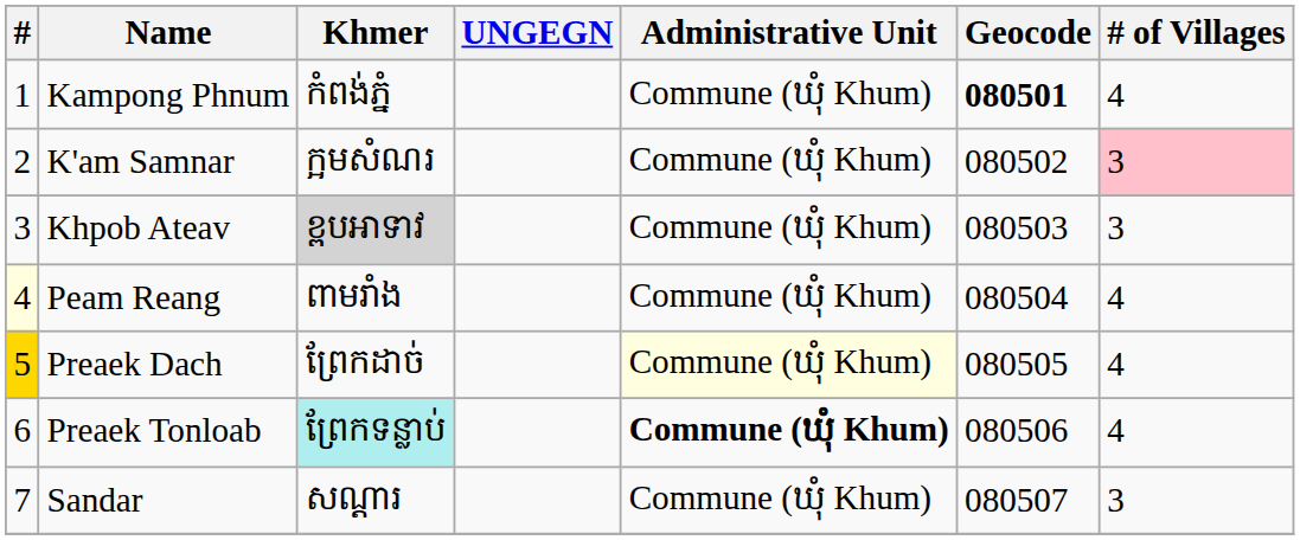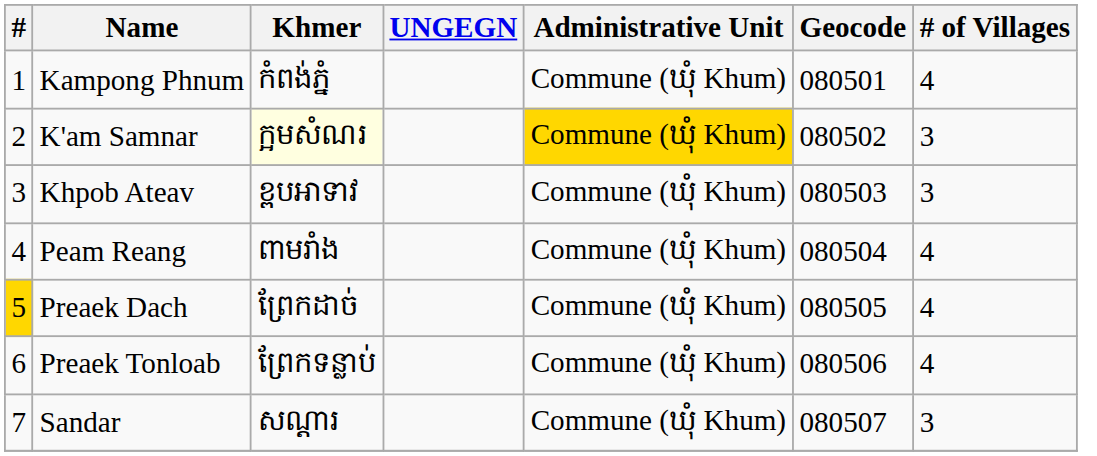 <table class="wikitable sortable">
 <tr>
 <th>#</th>
 <th>Name</th>
 <th>Khmer</th>
 <th><a href='#'>UNGEGN</a></th>
 <th>Administrative Unit</th>
 <th>Geocode</th>
 <th># of Villages</th>
 </tr>
 <tr>
 <td>1</td>
 <td>Kampong Phnum</td>
 <td>កំពង់ភ្នំ</td>
 <td></td>
 <td>Commune (ឃុំ Khum)</td>
-<td><strong>080501</strong></td>
+<td>080501</td>
 <td>4</td>
 </tr>
 <tr>
 <td>2</td>
 <td>K'am Samnar</td>
-<td>ក្អមសំណរ</td>
+<td style="background: lightyellow;">ក្អមសំណរ</td>
 <td></td>
-<td>Commune (ឃុំ Khum)</td>
+<td style="background: gold;">Commune (ឃុំ Khum)</td>
 <td>080502</td>
-<td style="background: pink;">3</td>
+<td>3</td>
 </tr>
 <tr>
 <td>3</td>
 <td>Khpob Ateav</td>
-<td style="background: lightgrey;">ខ្ពបអាទាវ</td>
+<td>ខ្ពបអាទាវ</td>
 <td></td>
 <td>Commune (ឃុំ Khum)</td>
 <td>080503</td>
 <td>3</td>
 </tr>
 <tr>
-<td style="background: lightyellow;">4</td>
+<td>4</td>
 <td>Peam Reang</td>
 <td>ពាមរាំង</td>
 <td></td>
 <td>Commune (ឃុំ Khum)</td>
 <td>080504</td>
 <td>4</td>
 </tr>
 <tr>
 <td style="background: gold;">5</td>
 <td>Preaek Dach</td>
 <td>ព្រែកដាច់</td>
 <td></td>
-<td style="background: lightyellow;">Commune (ឃុំ Khum)</td>
+<td>Commune (ឃុំ Khum)</td>
 <td>080505</td>
 <td>4</td>
 </tr>
 <tr>
 <td>6</td>
 <td>Preaek Tonloab</td>
-<td style="background: paleturquoise;">ព្រែកទន្លាប់</td>
+<td>ព្រែកទន្លាប់</td>
 <td></td>
-<td><strong>Commune (ឃុំ Khum)</strong></td>
+<td>Commune (ឃុំ Khum)</td>
 <td>080506</td>
 <td>4</td>
 </tr>
 <tr>
 <td>7</td>
 <td>Sandar</td>
 <td>សណ្ដារ</td>
 <td></td>
 <td>Commune (ឃុំ Khum)</td>
 <td>080507</td>
 <td>3</td>
 </tr>
 <tr>
 </tr>
 </table>
